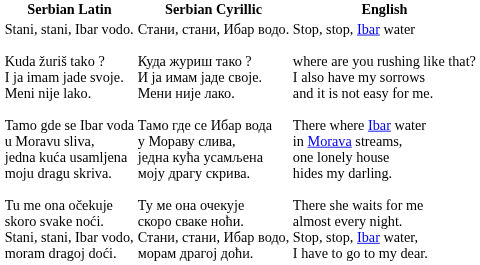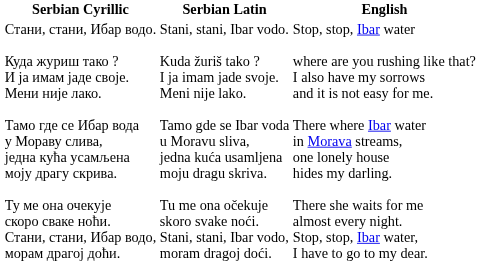 <table>
 <tr>
+<th>Serbian Cyrillic</th>
 <th>Serbian Latin</th>
-<th>Serbian Cyrillic</th>
 <th>English</th>
 </tr>
 <tr>
+<td>Стани, стани, Ибар водо.<br><br>Куда журиш тако ?<br> И ја имам јаде своје.<br> Мени није лако.<br><br>Тамо где се Ибар вода<br> у Мораву слива,<br> једна кућа усамљена<br> моју драгу скрива.<br><br>Ту ме она очекује<br> скоро сваке ноћи.<br> Стани, стани, Ибар водо,<br> морам драгој доћи.<br></td>
 <td>Stani, stani, Ibar vodo.<br><br>Kuda žuriš tako ?<br> I ja imam jade svoje.<br> Meni nije lako.<br><br>Tamo gde se Ibar voda<br> u Moravu sliva,<br> jedna kuća usamljena<br> moju dragu skriva.<br><br>Tu me ona očekuje<br> skoro svake noći.<br> Stani, stani, Ibar vodo,<br> moram dragoj doći.<br></td>
-<td>Стани, стани, Ибар водо.<br><br>Куда журиш тако ?<br> И ја имам јаде своје.<br> Мени није лако.<br><br>Тамо где се Ибар вода<br> у Мораву слива,<br> једна кућа усамљена<br> моју драгу скрива.<br><br>Ту ме она очекује<br> скоро сваке ноћи.<br> Стани, стани, Ибар водо,<br> морам драгој доћи.<br></td>
 <td>Stop, stop, <a href='#'>Ibar</a> water<br><br>where are you rushing like that?<br> I also have my sorrows<br> and it is not easy for me.<br><br>There where <a href='#'>Ibar</a> water<br> in <a href='#'>Morava</a> streams,<br> one lonely house<br> hides my darling.<br><br>There she waits for me<br> almost every night.<br> Stop, stop, <a href='#'>Ibar</a> water,<br> I have to go to my dear.<br></td>
 </tr>
 </table>
